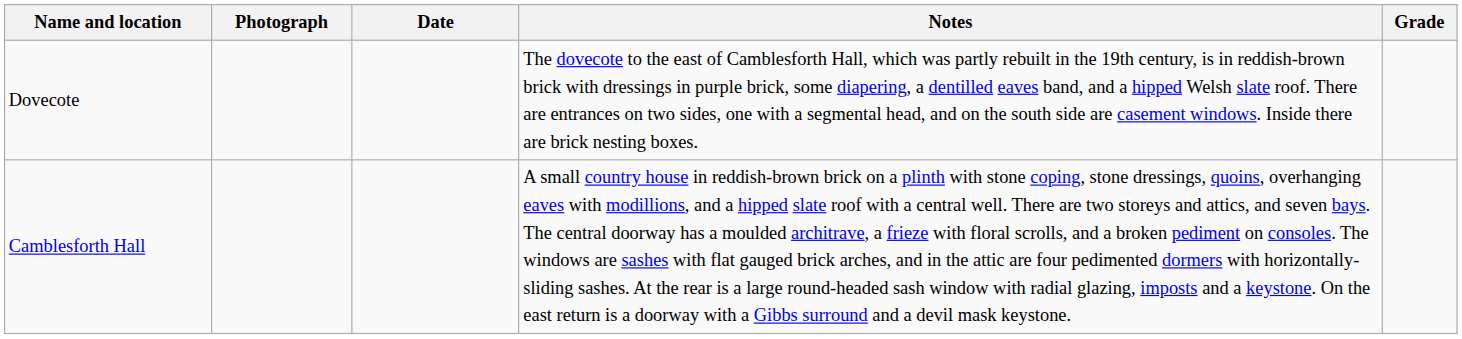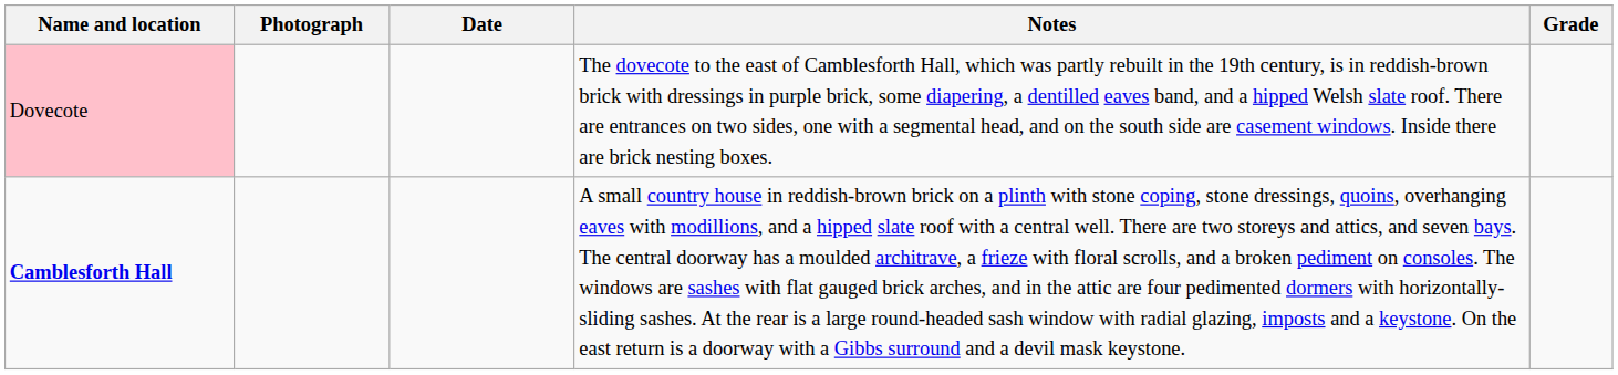 <table class="wikitable sortable plainrowheaders" style="width:100%; border:0px; text-align:left; line-height:150%">
 <tr>
 <th scope="col"  style="width:150px">Name and location</th>
 <th scope="col"  style="width:100px" class="unsortable">Photograph</th>
 <th scope="col"  style="width:120px">Date</th>
 <th scope="col"  style="width:650px" class="unsortable">Notes</th>
 <th scope="col"  style="width:50px">Grade</th>
 </tr>
 <tr>
-<td>Dovecote<br><small></small></td>
+<td style="background: pink;">Dovecote<br><small></small></td>
 <td></td>
 <td align="center"></td>
 <td>The <a href='#'>dovecote</a> to the east of Camblesforth Hall, which was partly rebuilt in the 19th century, is in reddish-brown brick with dressings in purple brick, some <a href='#'>diapering</a>, a <a href='#'>dentilled</a> <a href='#'>eaves</a> band, and a <a href='#'>hipped</a> Welsh <a href='#'>slate</a> roof.  There are entrances on two sides, one with a segmental head, and on the south side are <a href='#'>casement windows</a>. Inside there are brick nesting boxes.</td>
 <td align="center" ></td>
 </tr>
 <tr>
-<td><a href='#'>Camblesforth Hall</a><br><small></small></td>
+<td><strong><a href='#'>Camblesforth Hall</a><br><small></small></strong></td>
 <td></td>
 <td align="center"></td>
 <td>A small <a href='#'>country house</a> in reddish-brown brick on a <a href='#'>plinth</a> with stone <a href='#'>coping</a>, stone dressings, <a href='#'>quoins</a>, overhanging <a href='#'>eaves</a> with <a href='#'>modillions</a>, and a <a href='#'>hipped</a> <a href='#'>slate</a> roof with a central well.  There are two storeys and attics, and seven <a href='#'>bays</a>.  The central doorway has a moulded <a href='#'>architrave</a>, a <a href='#'>frieze</a> with floral scrolls, and a broken <a href='#'>pediment</a> on <a href='#'>consoles</a>.  The windows are <a href='#'>sashes</a> with flat gauged brick arches, and in the attic are four pedimented <a href='#'>dormers</a> with horizontally-sliding sashes. At the rear is a large round-headed sash window with radial glazing, <a href='#'>imposts</a> and a <a href='#'>keystone</a>.  On the east return is a doorway with a <a href='#'>Gibbs surround</a> and a devil mask keystone.</td>
 <td align="center" ></td>
 </tr>
 <tr>
 </tr>
 </table>
